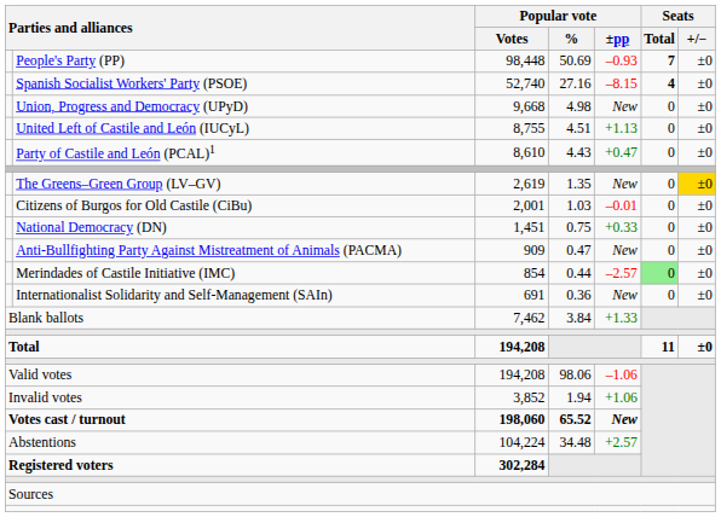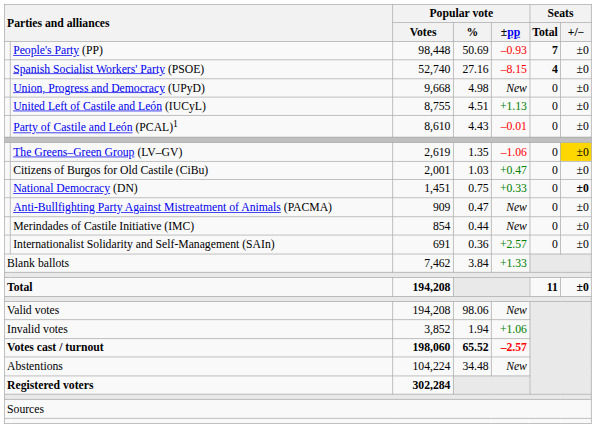 <table class="wikitable" style="text-align:right;">
 <tr>
 <th style="text-align:left;" rowspan="2" colspan="2" width="525">Parties and alliances</th>
 <th colspan="3">Popular vote</th>
 <th colspan="2">Seats</th>
 </tr>
 <tr>
 <th width="75">Votes</th>
 <th width="45">%</th>
 <th width="45">±<a href='#'>pp</a></th>
 <th width="35">Total</th>
 <th width="35">+/−</th>
 </tr>
 <tr>
 <td width="1" style="color:inherit;background:"></td>
 <td align="left"><a href='#'>People's Party</a> (PP)</td>
 <td>98,448</td>
 <td>50.69</td>
 <td style="color:red;">–0.93</td>
 <td><strong>7</strong></td>
 <td>±0</td>
 </tr>
 <tr>
 <td style="color:inherit;background:"></td>
 <td align="left"><a href='#'>Spanish Socialist Workers' Party</a> (PSOE)</td>
 <td>52,740</td>
 <td>27.16</td>
 <td style="color:red;">–8.15</td>
 <td><strong>4</strong></td>
 <td>±0</td>
 </tr>
 <tr>
 <td style="color:inherit;background:"></td>
 <td align="left"><a href='#'>Union, Progress and Democracy</a> (UPyD)</td>
 <td>9,668</td>
 <td>4.98</td>
 <td><em>New</em></td>
 <td>0</td>
 <td>±0</td>
 </tr>
 <tr>
 <td style="color:inherit;background:"></td>
 <td align="left"><a href='#'>United Left of Castile and León</a> (IUCyL)</td>
 <td>8,755</td>
 <td>4.51</td>
 <td style="color:green;">+1.13</td>
 <td>0</td>
 <td>±0</td>
 </tr>
 <tr>
 <td style="color:inherit;background:"></td>
 <td align="left"><a href='#'>Party of Castile and León</a> (PCAL)<sup>1</sup></td>
 <td>8,610</td>
 <td>4.43</td>
-<td style="color:green;">+0.47</td>
+<td style="color:red;">–0.01</td>
 <td>0</td>
 <td>±0</td>
 </tr>
 <tr>
 <td colspan="7" bgcolor="#C0C0C0"></td>
 </tr>
 <tr>
 <td style="color:inherit;background:"></td>
 <td align="left"><a href='#'>The Greens–Green Group</a> (LV–GV)</td>
 <td>2,619</td>
 <td>1.35</td>
-<td><em>New</em></td>
+<td style="color:red;">–1.06</td>
 <td>0</td>
 <td style="background: gold;">±0</td>
 </tr>
 <tr>
 <td style="color:inherit;background:"></td>
 <td align="left">Citizens of Burgos for Old Castile (CiBu)</td>
 <td>2,001</td>
 <td>1.03</td>
-<td style="color:red;">–0.01</td>
+<td style="color:green;">+0.47</td>
 <td>0</td>
 <td>±0</td>
 </tr>
 <tr>
 <td style="color:inherit;background:"></td>
 <td align="left"><a href='#'>National Democracy</a> (DN)</td>
 <td>1,451</td>
 <td>0.75</td>
 <td style="color:green;">+0.33</td>
 <td>0</td>
-<td>±0</td>
+<td><strong>±0</strong></td>
 </tr>
 <tr>
 <td style="color:inherit;background:"></td>
 <td align="left"><a href='#'>Anti-Bullfighting Party Against Mistreatment of Animals</a> (PACMA)</td>
 <td>909</td>
 <td>0.47</td>
 <td><em>New</em></td>
 <td>0</td>
 <td>±0</td>
 </tr>
 <tr>
 <td style="color:inherit;background:"></td>
 <td align="left">Merindades of Castile Initiative (IMC)</td>
 <td>854</td>
 <td>0.44</td>
-<td style="color:red;">–2.57</td>
-<td style="background: lightgreen;">0</td>
+<td><em>New</em></td>
+<td>0</td>
 <td>±0</td>
 </tr>
 <tr>
 <td style="color:inherit;background:"></td>
 <td align="left">Internationalist Solidarity and Self-Management (SAIn)</td>
 <td>691</td>
 <td>0.36</td>
-<td><em>New</em></td>
+<td style="color:green;">+2.57</td>
 <td>0</td>
 <td>±0</td>
 </tr>
 <tr>
 <td align="left" colspan="2">Blank ballots</td>
 <td>7,462</td>
 <td>3.84</td>
 <td style="color:green;">+1.33</td>
 <td bgcolor="#E9E9E9" colspan="2"></td>
 </tr>
 <tr>
 <td colspan="7" bgcolor="#E9E9E9"></td>
 </tr>
 <tr style="font-weight:bold;">
 <td align="left" colspan="2">Total</td>
 <td>194,208</td>
 <td bgcolor="#E9E9E9" colspan="2"></td>
 <td>11</td>
 <td>±0</td>
 </tr>
 <tr>
 <td colspan="7" bgcolor="#E9E9E9"></td>
 </tr>
 <tr>
 <td align="left" colspan="2">Valid votes</td>
 <td>194,208</td>
 <td>98.06</td>
-<td style="color:red;">–1.06</td>
+<td><em>New</em></td>
 <td bgcolor="#E9E9E9" colspan="2" rowspan="5"></td>
 </tr>
 <tr>
 <td align="left" colspan="2">Invalid votes</td>
 <td>3,852</td>
 <td>1.94</td>
 <td style="color:green;">+1.06</td>
 </tr>
 <tr style="font-weight:bold;">
 <td align="left" colspan="2">Votes cast / turnout</td>
 <td>198,060</td>
 <td>65.52</td>
-<td><em>New</em></td>
+<td style="color:red;">–2.57</td>
 </tr>
 <tr>
 <td align="left" colspan="2">Abstentions</td>
 <td>104,224</td>
 <td>34.48</td>
-<td style="color:green;">+2.57</td>
+<td><em>New</em></td>
 </tr>
 <tr style="font-weight:bold;">
 <td align="left" colspan="2">Registered voters</td>
 <td>302,284</td>
 <td bgcolor="#E9E9E9" colspan="2"></td>
 </tr>
 <tr>
 <td colspan="7" bgcolor="#E9E9E9"></td>
 </tr>
 <tr>
 <td align="left" colspan="7">Sources</td>
 </tr>
 <tr>
 <td colspan="7" style="text-align:left; max-width:790px;"></td>
 </tr>
 </table>
